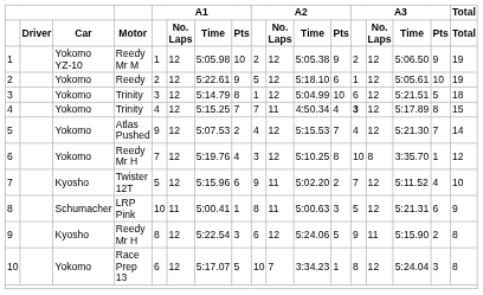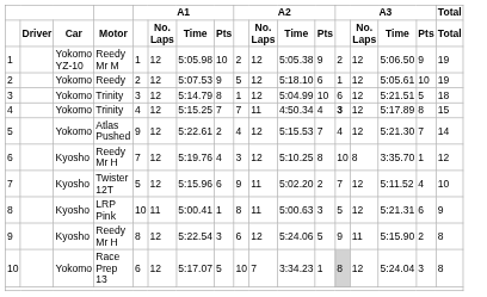 <table border="2" cellpadding="2" cellspacing="0" style="margin:0 1em 0 0; border:1px #aaa solid; border-collapse:collapse; font-size:85%;">
 <tr>
 <th colspan="3"></th>
 <th></th>
 <th colspan="4" style="text-align:center;">A1</th>
 <th colspan="4" style="text-align:center;">A2</th>
 <th colspan="4" style="text-align:center;">A3</th>
 <th>Total</th>
 </tr>
 <tr>
 <th style="text-align:center;"></th>
 <th style="text-align:center;">Driver</th>
 <th style="text-align:center;">Car</th>
 <th>Motor</th>
 <th style="text-align:center;"></th>
 <th style="text-align:center;">No. Laps</th>
 <th style="text-align:center;">Time</th>
 <th style="text-align:center;">Pts</th>
 <th style="text-align:center;"></th>
 <th style="text-align:center;">No. Laps</th>
 <th style="text-align:center;">Time</th>
 <th style="text-align:center;">Pts</th>
 <th style="text-align:center;"></th>
 <th style="text-align:center;">No. Laps</th>
 <th style="text-align:center;">Time</th>
 <th style="text-align:center;">Pts</th>
 <th style="text-align:center;">Total</th>
 </tr>
 <tr>
 <td>1</td>
 <td></td>
 <td>Yokomo<br>YZ-10</td>
 <td>Reedy <br> Mr M</td>
 <td>1</td>
 <td>12</td>
 <td>5:05.98</td>
 <td>10</td>
 <td>2</td>
 <td>12</td>
 <td>5:05.38</td>
 <td>9</td>
 <td>2</td>
 <td>12</td>
 <td>5:06.50</td>
 <td>9</td>
 <td>19</td>
 </tr>
 <tr>
 <td>2</td>
 <td></td>
 <td>Yokomo<br></td>
 <td>Reedy</td>
 <td>2</td>
 <td>12</td>
-<td>5:22.61</td>
+<td>5:07.53</td>
 <td>9</td>
 <td>5</td>
 <td>12</td>
 <td>5:18.10</td>
 <td>6</td>
 <td>1</td>
 <td>12</td>
 <td>5:05.61</td>
 <td>10</td>
 <td>19</td>
 </tr>
 <tr>
 <td>3</td>
 <td></td>
 <td>Yokomo<br></td>
 <td>Trinity</td>
 <td>3</td>
 <td>12</td>
 <td>5:14.79</td>
 <td>8</td>
 <td>1</td>
 <td>12</td>
 <td>5:04.99</td>
 <td>10</td>
 <td>6</td>
 <td>12</td>
 <td>5:21.51</td>
 <td>5</td>
 <td>18</td>
 </tr>
 <tr>
 <td>4</td>
 <td></td>
 <td>Yokomo<br></td>
 <td>Trinity</td>
 <td>4</td>
 <td>12</td>
 <td>5:15.25</td>
 <td>7</td>
 <td>7</td>
 <td>11</td>
 <td>4:50.34</td>
 <td>4</td>
 <td><strong>3</strong></td>
 <td>12</td>
 <td>5:17.89</td>
 <td>8</td>
 <td>15</td>
 </tr>
 <tr>
 <td>5</td>
 <td></td>
 <td>Yokomo<br></td>
 <td>Atlas <br> Pushed</td>
 <td>9</td>
 <td>12</td>
-<td>5:07.53</td>
+<td>5:22.61</td>
 <td>2</td>
 <td>4</td>
 <td>12</td>
 <td>5:15.53</td>
 <td>7</td>
 <td>4</td>
 <td>12</td>
 <td>5:21.30</td>
 <td>7</td>
 <td>14</td>
 </tr>
 <tr>
 <td>6</td>
 <td></td>
-<td>Yokomo<br></td>
+<td>Kyosho<br></td>
 <td>Reedy <br> Mr H</td>
 <td>7</td>
 <td>12</td>
 <td>5:19.76</td>
 <td>4</td>
 <td>3</td>
 <td>12</td>
 <td>5:10.25</td>
 <td>8</td>
 <td>10</td>
 <td>8</td>
 <td>3:35.70</td>
 <td>1</td>
 <td>12</td>
 </tr>
 <tr>
 <td>7</td>
 <td></td>
 <td>Kyosho<br></td>
 <td>Twister <br> 12T</td>
 <td>5</td>
 <td>12</td>
 <td>5:15.96</td>
 <td>6</td>
 <td>9</td>
 <td>11</td>
 <td>5:02.20</td>
 <td>2</td>
 <td>7</td>
 <td>12</td>
 <td>5:11.52</td>
 <td>4</td>
 <td>10</td>
 </tr>
 <tr>
 <td>8</td>
 <td></td>
-<td>Schumacher<br></td>
+<td>Kyosho<br></td>
 <td>LRP <br> Pink</td>
 <td>10</td>
 <td>11</td>
 <td>5:00.41</td>
 <td>1</td>
 <td>8</td>
 <td>11</td>
 <td>5:00.63</td>
 <td>3</td>
 <td>5</td>
 <td>12</td>
 <td>5:21.31</td>
 <td>6</td>
 <td>9</td>
 </tr>
 <tr>
 <td>9</td>
 <td></td>
 <td>Kyosho<br></td>
 <td>Reedy <br> Mr H</td>
 <td>8</td>
 <td>12</td>
 <td>5:22.54</td>
 <td>3</td>
 <td>6</td>
 <td>12</td>
 <td>5:24.06</td>
 <td>5</td>
 <td>9</td>
 <td>11</td>
 <td>5:15.90</td>
 <td>2</td>
 <td>8</td>
 </tr>
 <tr>
 <td>10</td>
 <td></td>
 <td>Yokomo<br></td>
 <td>Race Prep <br> 13</td>
 <td>6</td>
 <td>12</td>
 <td>5:17.07</td>
 <td>5</td>
 <td>10</td>
 <td>7</td>
 <td>3:34.23</td>
 <td>1</td>
-<td>8</td>
+<td style="background: lightgrey;">8</td>
 <td>12</td>
 <td>5:24.04</td>
 <td>3</td>
 <td>8</td>
 </tr>
 <tr>
 <td colspan="17"></td>
 </tr>
 </table>
